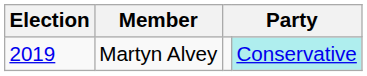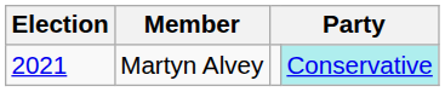 <table class="wikitable">
 <tr>
 <th>Election</th>
 <th>Member</th>
 <th colspan="2">Party</th>
 </tr>
 <tr>
-<td><a href='#'>2019</a></td>
+<td><a href='#'>2021</a></td>
 <td>Martyn Alvey</td>
 <td style="background-color: "></td>
 <td style="background: paleturquoise;"><a href='#'>Conservative</a></td>
 </tr>
 </table>
